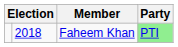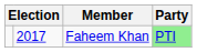 <table class="wikitable">
 <tr>
 <th colspan="2">Election</th>
 <th>Member</th>
 <th>Party</th>
 </tr>
 <tr>
 <td style="background-color: "></td>
-<td><a href='#'>2018</a></td>
+<td><a href='#'>2017</a></td>
 <td><a href='#'>Faheem Khan</a></td>
 <td style="background: lightgreen;"><a href='#'>PTI</a></td>
 </tr>
 </table>
